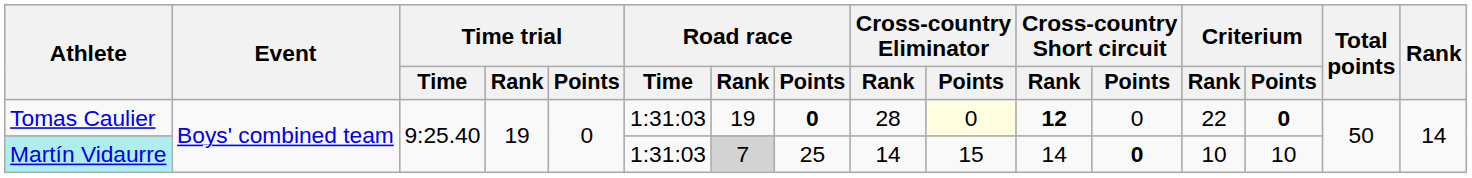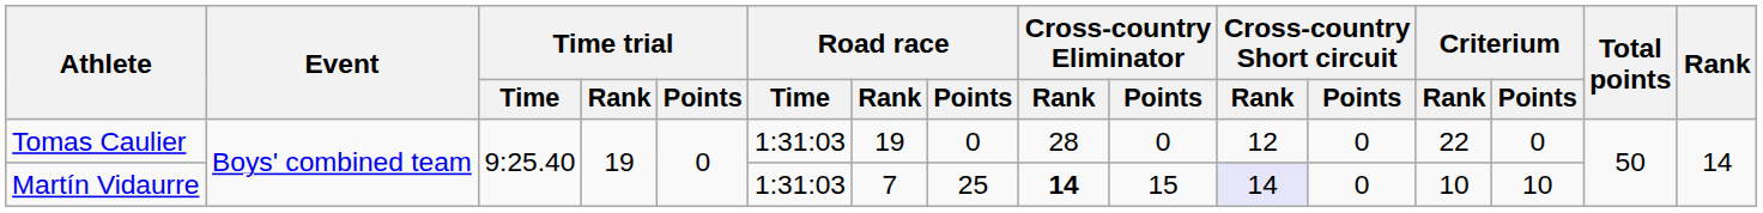 <table class="wikitable" style="font-size:90%;">
 <tr>
 <th rowspan=2>Athlete</th>
 <th rowspan=2>Event</th>
 <th colspan=3>Time trial</th>
 <th colspan=3>Road race</th>
 <th colspan=2>Cross-country<br>Eliminator</th>
 <th colspan=2>Cross-country<br>Short circuit</th>
 <th colspan=2>Criterium</th>
 <th rowspan=2>Total<br>points</th>
 <th rowspan=2>Rank</th>
 </tr>
 <tr style="font-size:95%">
 <th>Time</th>
 <th>Rank</th>
 <th>Points</th>
 <th>Time</th>
 <th>Rank</th>
 <th>Points</th>
 <th>Rank</th>
 <th>Points</th>
 <th>Rank</th>
 <th>Points</th>
 <th>Rank</th>
 <th>Points</th>
 </tr>
 <tr align=center>
 <td align=left><a href='#'>Tomas Caulier</a></td>
 <td rowspan=2 align=left><a href='#'>Boys' combined team</a></td>
 <td rowspan=2>9:25.40</td>
 <td rowspan=2>19</td>
 <td rowspan=2>0</td>
 <td>1:31:03</td>
 <td>19</td>
-<td><strong>0</strong></td>
+<td>0</td>
 <td>28</td>
-<td style="background: lightyellow;">0</td>
-<td><strong>12</strong></td>
+<td>0</td>
+<td>12</td>
 <td>0</td>
 <td>22</td>
-<td><strong>0</strong></td>
+<td>0</td>
 <td rowspan=2>50</td>
 <td rowspan=2>14</td>
 </tr>
 <tr align=center>
-<td align=left style="background: paleturquoise;"><a href='#'>Martín Vidaurre</a></td>
+<td align=left><a href='#'>Martín Vidaurre</a></td>
 <td>1:31:03</td>
-<td style="background: lightgrey;">7</td>
+<td>7</td>
 <td>25</td>
-<td>14</td>
+<td><strong>14</strong></td>
 <td>15</td>
-<td>14</td>
-<td><strong>0</strong></td>
+<td style="background: lavender;">14</td>
+<td>0</td>
 <td>10</td>
 <td>10</td>
 </tr>
 </table>
